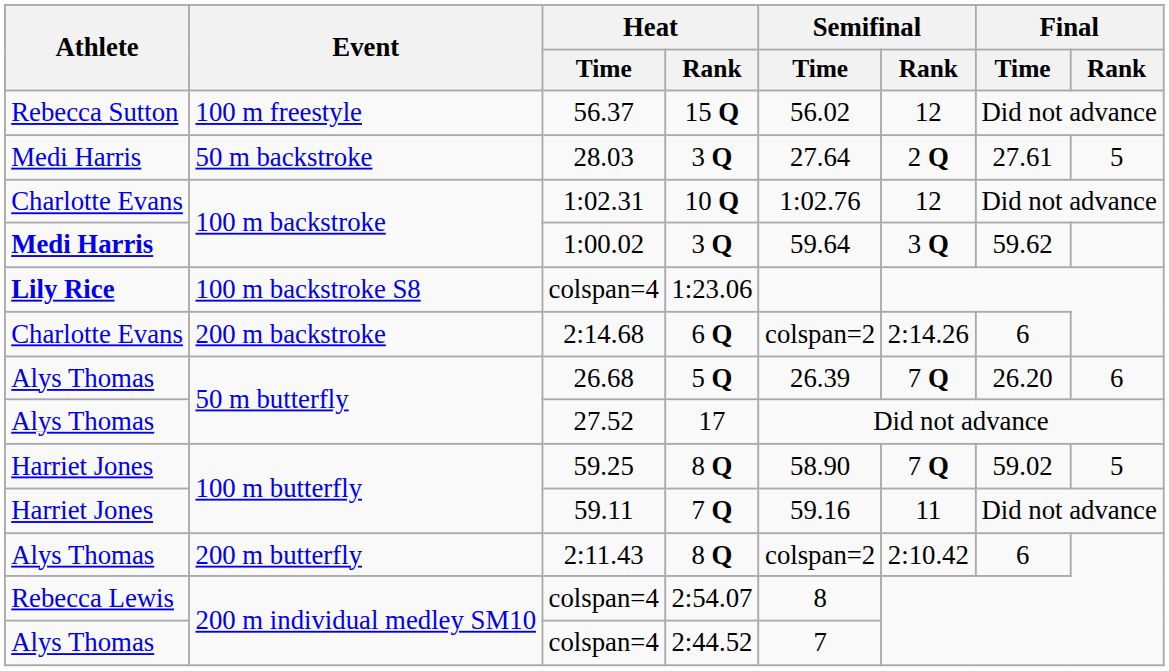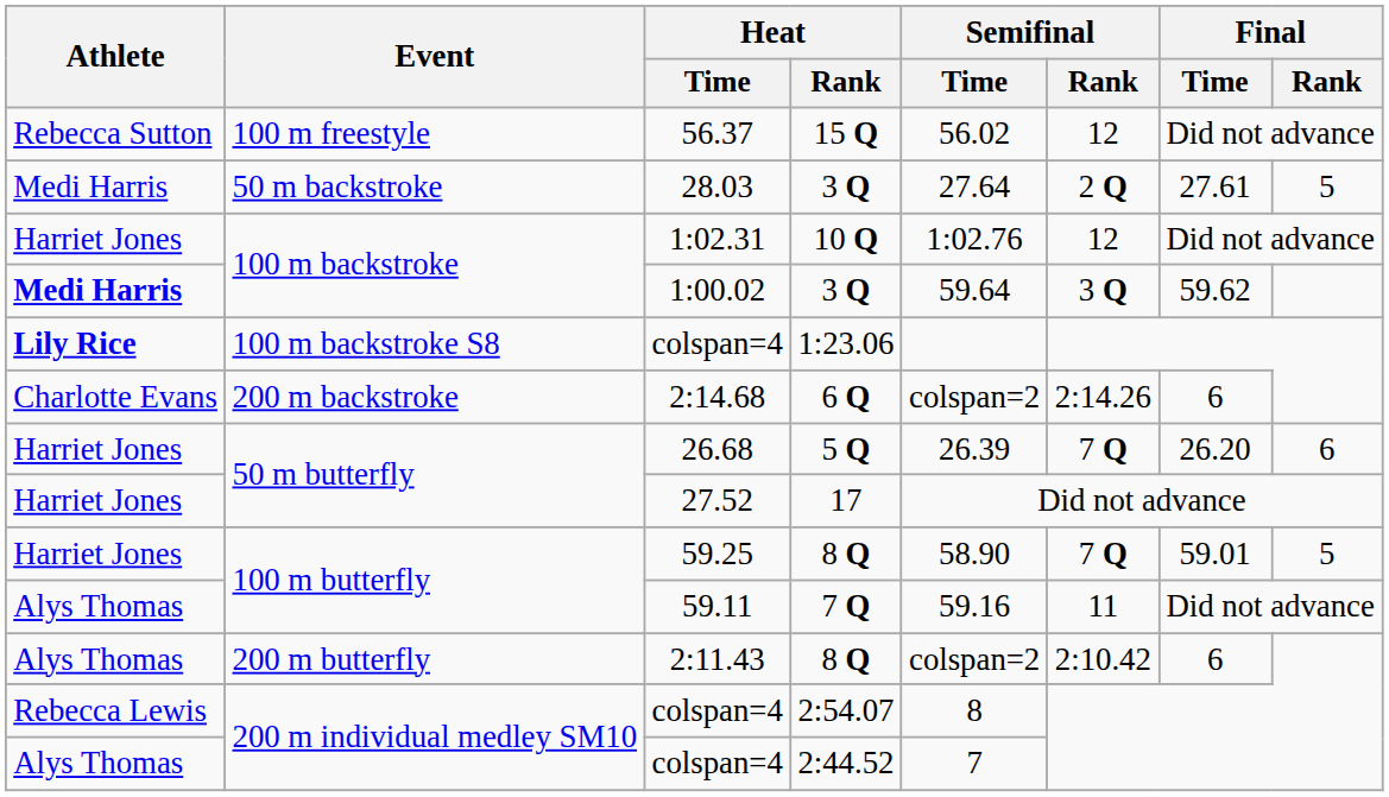 <table class=wikitable style=font-size:90%>
 <tr>
 <th rowspan=2>Athlete</th>
 <th rowspan=2>Event</th>
 <th colspan=2>Heat</th>
 <th colspan=2>Semifinal</th>
 <th colspan=2>Final</th>
 </tr>
 <tr style=font-size:95%>
 <th>Time</th>
 <th>Rank</th>
 <th>Time</th>
 <th>Rank</th>
 <th>Time</th>
 <th>Rank</th>
 </tr>
 <tr align=center>
 <td align=left><a href='#'>Rebecca Sutton</a></td>
 <td align=left rowspan="1"><a href='#'>100 m freestyle</a></td>
 <td>56.37</td>
 <td>15 <strong>Q</strong></td>
 <td>56.02</td>
 <td>12</td>
 <td colspan=2>Did not advance</td>
 </tr>
 <tr align=center>
 <td align=left><a href='#'>Medi Harris</a></td>
 <td align=left rowspan="1"><a href='#'>50 m backstroke</a></td>
 <td>28.03</td>
 <td>3 <strong>Q</strong></td>
 <td>27.64</td>
 <td>2 <strong>Q</strong></td>
 <td>27.61</td>
 <td>5</td>
 </tr>
 <tr align=center>
-<td align=left><a href='#'>Charlotte Evans</a></td>
+<td align=left><a href='#'>Harriet Jones</a></td>
 <td align=left rowspan="2"><a href='#'>100 m backstroke</a></td>
 <td>1:02.31</td>
 <td>10 <strong>Q</strong></td>
 <td>1:02.76</td>
 <td>12</td>
 <td colspan=2>Did not advance</td>
 </tr>
 <tr align=center>
 <td align=left><strong><a href='#'>Medi Harris</a></strong></td>
 <td>1:00.02</td>
 <td>3 <strong>Q</strong></td>
 <td>59.64</td>
 <td>3 <strong>Q</strong></td>
 <td>59.62</td>
 <td></td>
 </tr>
 <tr align=center>
 <td align=left><strong><a href='#'>Lily Rice</a></strong></td>
 <td align=left rowspan="1"><a href='#'>100 m backstroke S8</a></td>
 <td>colspan=4 </td>
 <td>1:23.06</td>
 <td></td>
 </tr>
 <tr align=center>
 <td align=left><a href='#'>Charlotte Evans</a></td>
 <td align=left rowspan="1"><a href='#'>200 m backstroke</a></td>
 <td>2:14.68</td>
 <td>6 <strong>Q</strong></td>
 <td>colspan=2 </td>
 <td>2:14.26</td>
 <td>6</td>
 </tr>
 <tr align=center>
-<td align=left><a href='#'>Alys Thomas</a></td>
+<td align=left><a href='#'>Harriet Jones</a></td>
 <td align=left rowspan="2"><a href='#'>50 m butterfly</a></td>
 <td>26.68</td>
 <td>5 <strong>Q</strong></td>
 <td>26.39</td>
 <td>7 <strong>Q</strong></td>
 <td>26.20</td>
 <td>6</td>
 </tr>
 <tr align=center>
-<td align=left><a href='#'>Alys Thomas</a></td>
+<td align=left><a href='#'>Harriet Jones</a></td>
 <td>27.52</td>
 <td>17</td>
 <td colspan=4>Did not advance</td>
 </tr>
 <tr align=center>
 <td align=left><a href='#'>Harriet Jones</a></td>
 <td align=left rowspan="2"><a href='#'>100 m butterfly</a></td>
 <td>59.25</td>
 <td>8 <strong>Q</strong></td>
 <td>58.90</td>
 <td>7 <strong>Q</strong></td>
-<td>59.02</td>
+<td>59.01</td>
 <td>5</td>
 </tr>
 <tr align=center>
-<td align=left><a href='#'>Harriet Jones</a></td>
+<td align=left><a href='#'>Alys Thomas</a></td>
 <td>59.11</td>
 <td>7 <strong>Q</strong></td>
 <td>59.16</td>
 <td>11</td>
 <td colspan=2>Did not advance</td>
 </tr>
 <tr align=center>
 <td align=left><a href='#'>Alys Thomas</a></td>
 <td align=left rowspan="1"><a href='#'>200 m butterfly</a></td>
 <td>2:11.43</td>
 <td>8 <strong>Q</strong></td>
 <td>colspan=2 </td>
 <td>2:10.42</td>
 <td>6</td>
 </tr>
 <tr align=center>
 <td align=left><a href='#'>Rebecca Lewis</a></td>
 <td align=left rowspan="2"><a href='#'>200 m individual medley SM10</a></td>
 <td>colspan=4 </td>
 <td>2:54.07</td>
 <td>8</td>
 </tr>
 <tr align=center>
 <td align=left><a href='#'>Alys Thomas</a></td>
 <td>colspan=4 </td>
 <td>2:44.52</td>
 <td>7</td>
 </tr>
 </table>
